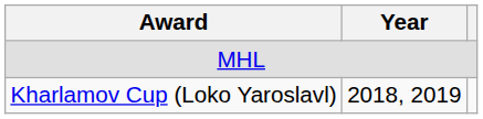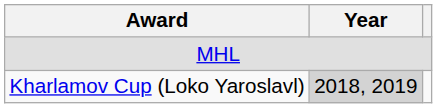 <table class="wikitable">
 <tr>
 <th>Award</th>
 <th>Year</th>
 <th></th>
 </tr>
 <tr ALIGN="center" bgcolor="#e0e0e0">
 <td colspan="3"><a href='#'>MHL</a></td>
 </tr>
 <tr>
 <td><a href='#'>Kharlamov Cup</a> (Loko Yaroslavl)</td>
-<td>2018, 2019</td>
+<td style="background: lightgrey;">2018, 2019</td>
 <td></td>
 </tr>
 </table>
